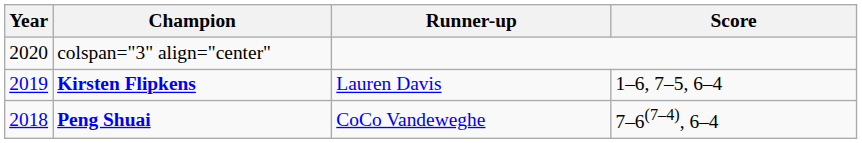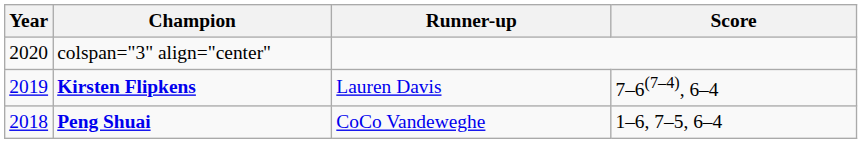 <table class="wikitable" style="font-size:90%">
 <tr>
 <th>Year</th>
 <th width="200">Champion</th>
 <th width="200">Runner-up</th>
 <th width="175">Score</th>
 </tr>
 <tr>
 <td>2020</td>
 <td>colspan="3" align="center" </td>
 </tr>
 <tr>
 <td><a href='#'>2019</a></td>
 <td> <strong><a href='#'>Kirsten Flipkens</a></strong></td>
 <td> <a href='#'>Lauren Davis</a></td>
-<td>1–6, 7–5, 6–4</td>
+<td>7–6<sup>(7–4)</sup>, 6–4</td>
 </tr>
 <tr>
 <td><a href='#'>2018</a></td>
 <td> <strong><a href='#'>Peng Shuai</a></strong></td>
 <td> <a href='#'>CoCo Vandeweghe</a></td>
-<td>7–6<sup>(7–4)</sup>, 6–4</td>
+<td>1–6, 7–5, 6–4</td>
 </tr>
 </table>
